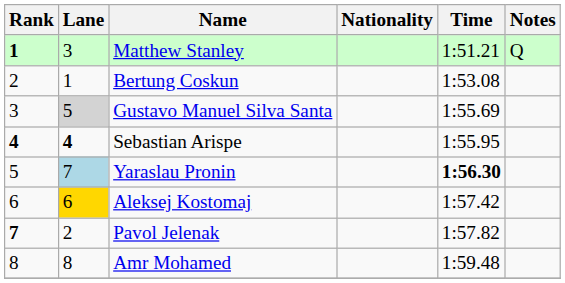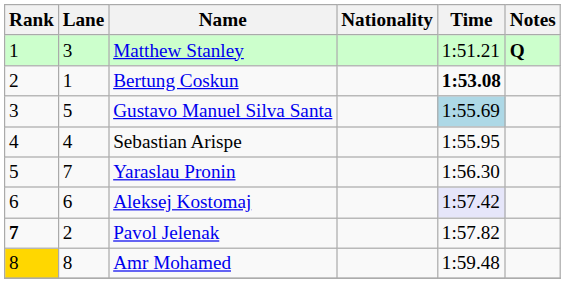 <table class="wikitable">
 <tr>
 <th>Rank</th>
 <th>Lane</th>
 <th>Name</th>
 <th>Nationality</th>
 <th>Time</th>
 <th>Notes</th>
 </tr>
 <tr bgcolor=ccffcc>
-<td><strong>1</strong></td>
+<td>1</td>
 <td>3</td>
 <td><a href='#'>Matthew Stanley</a></td>
 <td></td>
 <td>1:51.21</td>
-<td>Q</td>
+<td><strong>Q</strong></td>
 </tr>
 <tr>
 <td>2</td>
 <td>1</td>
 <td><a href='#'>Bertung Coskun</a></td>
 <td></td>
-<td>1:53.08</td>
+<td><strong>1:53.08</strong></td>
 <td></td>
 </tr>
 <tr>
 <td>3</td>
-<td style="background: lightgrey;">5</td>
+<td>5</td>
 <td><a href='#'>Gustavo Manuel Silva Santa</a></td>
 <td></td>
-<td>1:55.69</td>
+<td style="background: lightblue;">1:55.69</td>
 <td></td>
 </tr>
 <tr>
-<td><strong>4</strong></td>
-<td><strong>4</strong></td>
+<td>4</td>
+<td>4</td>
 <td>Sebastian Arispe</td>
 <td></td>
 <td>1:55.95</td>
 <td></td>
 </tr>
 <tr>
 <td>5</td>
-<td style="background: lightblue;">7</td>
+<td>7</td>
 <td><a href='#'>Yaraslau Pronin</a></td>
 <td></td>
-<td><strong>1:56.30</strong></td>
+<td>1:56.30</td>
 <td></td>
 </tr>
 <tr>
 <td>6</td>
-<td style="background: gold;">6</td>
+<td>6</td>
 <td><a href='#'>Aleksej Kostomaj</a></td>
 <td></td>
-<td>1:57.42</td>
+<td style="background: lavender;">1:57.42</td>
 <td></td>
 </tr>
 <tr>
 <td><strong>7</strong></td>
 <td>2</td>
 <td><a href='#'>Pavol Jelenak</a></td>
 <td></td>
 <td>1:57.82</td>
 <td></td>
 </tr>
 <tr>
-<td>8</td>
+<td style="background: gold;">8</td>
 <td>8</td>
 <td><a href='#'>Amr Mohamed</a></td>
 <td></td>
 <td>1:59.48</td>
 <td></td>
 </tr>
 <tr>
 </tr>
 </table>
